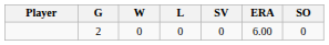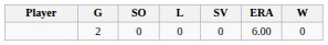 <table class="wikitable sortable">
 <tr>
 <th bgcolor="#DDDDFF" width="16%">Player</th>
 <th bgcolor="#DDDDFF" width="9%">G</th>
-<th bgcolor="#DDDDFF" width="9%">W</th>
+<th bgcolor="#DDDDFF" width="9%">SO</th>
 <th bgcolor="#DDDDFF" width="9%">L</th>
 <th bgcolor="#DDDDFF" width="9%">SV</th>
 <th bgcolor="#DDDDFF" width="9%">ERA</th>
-<th bgcolor="#DDDDFF" width="9%">SO</th>
+<th bgcolor="#DDDDFF" width="9%">W</th>
 </tr>
 <tr align="center">
 <td></td>
 <td>2</td>
 <td>0</td>
 <td>0</td>
 <td>0</td>
 <td>6.00</td>
 <td>0</td>
 </tr>
 </table>
